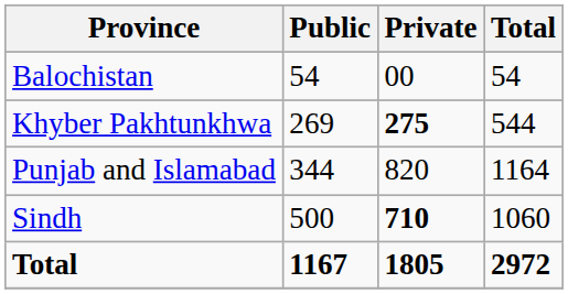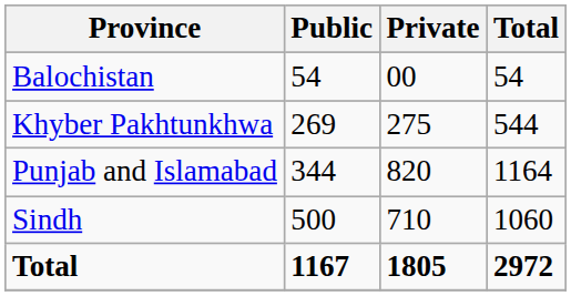 <table class="wikitable sortable">
 <tr>
 <th>Province</th>
 <th>Public</th>
 <th>Private</th>
 <th>Total</th>
 </tr>
 <tr>
 <td><a href='#'>Balochistan</a></td>
 <td>54</td>
 <td>00</td>
 <td>54</td>
 </tr>
 <tr>
 <td><a href='#'>Khyber Pakhtunkhwa</a></td>
 <td>269</td>
-<td><strong>275</strong></td>
+<td>275</td>
 <td>544</td>
 </tr>
 <tr>
 <td><a href='#'>Punjab</a> and <a href='#'>Islamabad</a></td>
 <td>344</td>
 <td>820</td>
 <td>1164</td>
 </tr>
 <tr>
 <td><a href='#'>Sindh</a></td>
 <td>500</td>
-<td><strong>710</strong></td>
+<td>710</td>
 <td>1060</td>
 </tr>
 <tr>
 <td><strong>Total</strong></td>
 <td><strong>1167</strong></td>
 <td><strong>1805</strong></td>
 <td><strong>2972</strong></td>
 </tr>
 <tr>
 </tr>
 </table>
